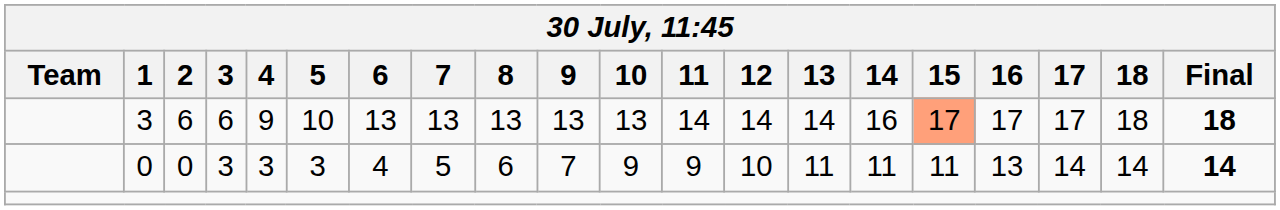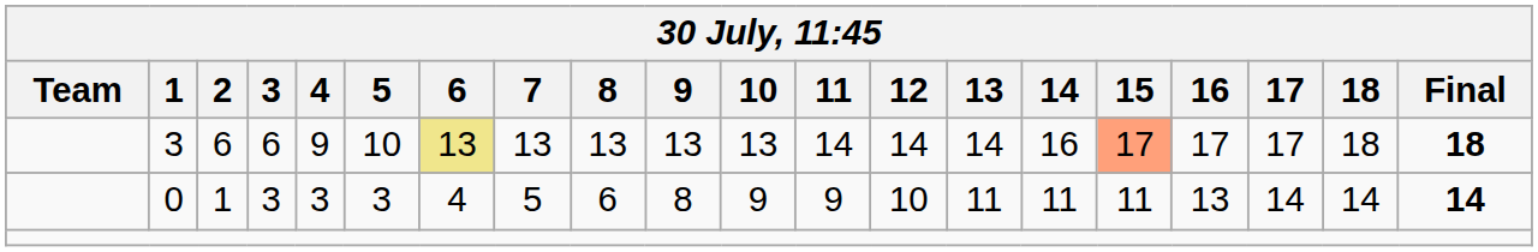 <table class=wikitable style="text-align:center; width: 55%">
 <tr>
 <th colspan=20><em>30 July, 11:45</em></th>
 </tr>
 <tr>
 <th>Team</th>
 <th>1</th>
 <th>2</th>
 <th>3</th>
 <th>4</th>
 <th>5</th>
 <th>6</th>
 <th>7</th>
 <th>8</th>
 <th>9</th>
 <th>10</th>
 <th>11</th>
 <th>12</th>
 <th>13</th>
 <th>14</th>
 <th>15</th>
 <th>16</th>
 <th>17</th>
 <th>18</th>
 <th>Final</th>
 </tr>
 <tr>
 <td align=left><strong></strong></td>
 <td>3</td>
 <td>6</td>
 <td>6</td>
 <td>9</td>
 <td>10</td>
-<td>13</td>
+<td style="background: khaki;">13</td>
 <td>13</td>
 <td>13</td>
 <td>13</td>
 <td>13</td>
 <td>14</td>
 <td>14</td>
 <td>14</td>
 <td>16</td>
 <td style="background: lightsalmon;">17</td>
 <td>17</td>
 <td>17</td>
 <td>18</td>
 <td><strong>18</strong></td>
 </tr>
 <tr>
 <td align=left></td>
 <td>0</td>
-<td>0</td>
+<td>1</td>
 <td>3</td>
 <td>3</td>
 <td>3</td>
 <td>4</td>
 <td>5</td>
 <td>6</td>
-<td>7</td>
+<td>8</td>
 <td>9</td>
 <td>9</td>
 <td>10</td>
 <td>11</td>
 <td>11</td>
 <td>11</td>
 <td>13</td>
 <td>14</td>
 <td>14</td>
 <td><strong>14</strong></td>
 </tr>
 <tr>
 <td colspan=20></td>
 </tr>
 </table>
